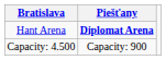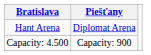 <table class="wikitable" style="text-align:center;">
 <tr>
 <th><a href='#'>Bratislava</a></th>
 <th><a href='#'>Piešťany</a></th>
 <td rowspan="4"><br></td>
 </tr>
 <tr>
 <td><a href='#'>Hant Arena</a></td>
-<td><strong><a href='#'>Diplomat Arena</a></strong></td>
+<td><a href='#'>Diplomat Arena</a></td>
 </tr>
 <tr>
 <td>Capacity: 4.500</td>
 <td>Capacity: 900</td>
 </tr>
 </table>
